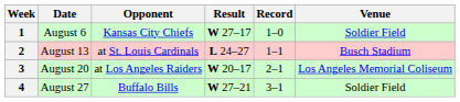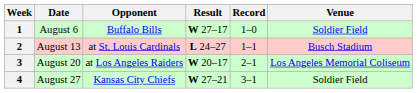 <table class="wikitable" style="text-align:center">
 <tr>
 <th>Week</th>
 <th>Date</th>
 <th>Opponent</th>
 <th>Result</th>
 <th>Record</th>
 <th>Venue</th>
 </tr>
 <tr style="background:#cfc">
 <th>1</th>
 <td>August 6</td>
-<td><a href='#'>Kansas City Chiefs</a></td>
+<td><a href='#'>Buffalo Bills</a></td>
 <td><strong>W</strong> 27–17</td>
 <td>1–0</td>
 <td><a href='#'>Soldier Field</a></td>
 </tr>
 <tr style="background:#fcc">
 <th>2</th>
 <td>August 13</td>
 <td>at <a href='#'>St. Louis Cardinals</a></td>
 <td><strong>L</strong> 24–27</td>
 <td>1–1</td>
 <td><a href='#'>Busch Stadium</a></td>
 </tr>
 <tr style="background:#cfc">
 <th>3</th>
 <td>August 20</td>
 <td>at <a href='#'>Los Angeles Raiders</a></td>
 <td><strong>W</strong> 20–17</td>
 <td>2–1</td>
 <td><a href='#'>Los Angeles Memorial Coliseum</a></td>
 </tr>
 <tr style="background:#cfc">
 <th>4</th>
 <td>August 27</td>
-<td><a href='#'>Buffalo Bills</a></td>
+<td><a href='#'>Kansas City Chiefs</a></td>
 <td><strong>W</strong> 27–21</td>
 <td>3–1</td>
 <td>Soldier Field</td>
 </tr>
 </table>
